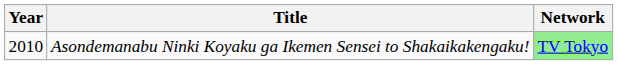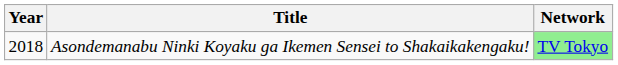 <table class="wikitable">
 <tr>
 <th>Year</th>
 <th>Title</th>
 <th>Network</th>
 </tr>
 <tr>
-<td>2010</td>
+<td>2018</td>
 <td><em>Asondemanabu Ninki Koyaku ga Ikemen Sensei to Shakaikakengaku!</em></td>
 <td style="background: lightgreen;"><a href='#'>TV Tokyo</a></td>
 </tr>
 </table>
